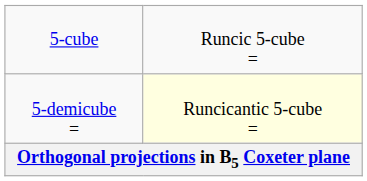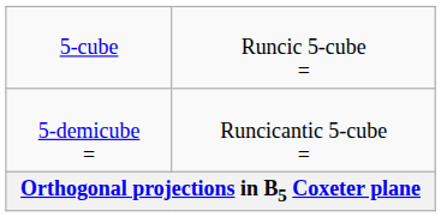 <table class=wikitable style="float:right; margin-left:8px; width:320px">
 <tr align=center valign=top>
 <td><br><a href='#'>5-cube</a><br></td>
 <td><br>Runcic 5-cube<br> = </td>
 </tr>
 <tr align=center valign=top>
 <td><br><a href='#'>5-demicube</a><br> = </td>
-<td style="background: lightyellow;"><br>Runcicantic 5-cube<br> = </td>
+<td><br>Runcicantic 5-cube<br> = </td>
 </tr>
 <tr align=center valign=top>
 <th colspan=4><a href='#'>Orthogonal projections</a> in B<sub>5</sub> <a href='#'>Coxeter plane</a></th>
 </tr>
 </table>
